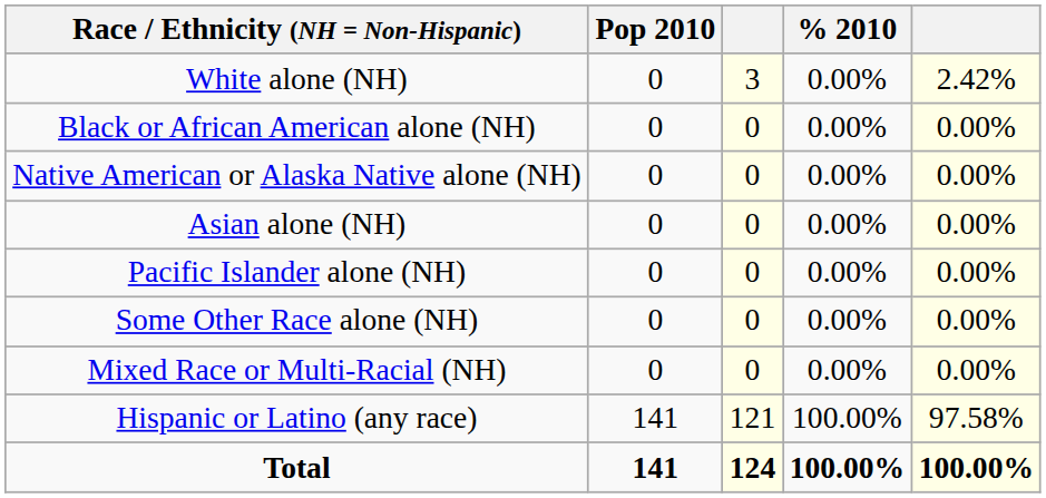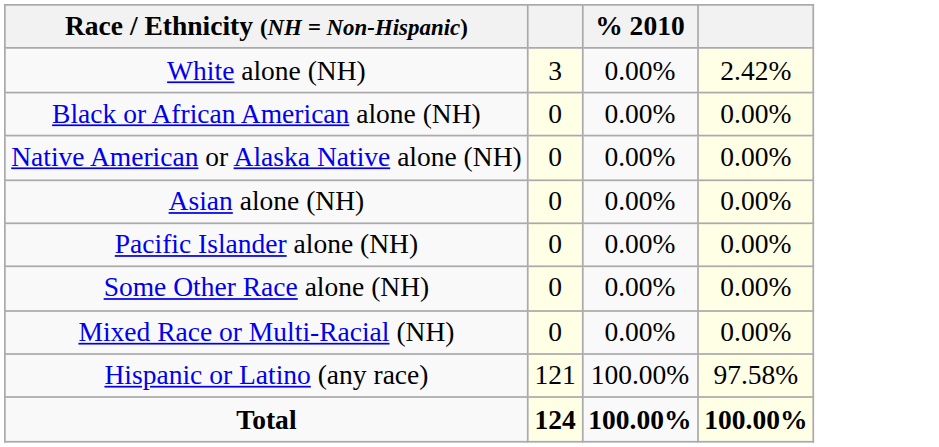 <table class="wikitable" style="text-align:center;">
 <tr>
 <th>Race / Ethnicity <small>(<em>NH = Non-Hispanic</em>)</small></th>
-<th>Pop 2010</th>
 <th></th>
 <th>% 2010</th>
 <th></th>
 </tr>
 <tr>
 <td><a href='#'>White</a> alone (NH)</td>
-<td>0</td>
 <td style='background: #ffffe6;'>3</td>
 <td>0.00%</td>
 <td style='background: #ffffe6;'>2.42%</td>
 </tr>
 <tr>
 <td><a href='#'>Black or African American</a> alone (NH)</td>
-<td>0</td>
 <td style='background: #ffffe6;'>0</td>
 <td>0.00%</td>
 <td style='background: #ffffe6;'>0.00%</td>
 </tr>
 <tr>
 <td><a href='#'>Native American</a> or <a href='#'>Alaska Native</a> alone (NH)</td>
-<td>0</td>
 <td style='background: #ffffe6;'>0</td>
 <td>0.00%</td>
 <td style='background: #ffffe6;'>0.00%</td>
 </tr>
 <tr>
 <td><a href='#'>Asian</a> alone (NH)</td>
-<td>0</td>
 <td style='background: #ffffe6;'>0</td>
 <td>0.00%</td>
 <td style='background: #ffffe6;'>0.00%</td>
 </tr>
 <tr>
 <td><a href='#'>Pacific Islander</a> alone (NH)</td>
-<td>0</td>
 <td style='background: #ffffe6;'>0</td>
 <td>0.00%</td>
 <td style='background: #ffffe6;'>0.00%</td>
 </tr>
 <tr>
 <td><a href='#'>Some Other Race</a> alone (NH)</td>
-<td>0</td>
 <td style='background: #ffffe6;'>0</td>
 <td>0.00%</td>
 <td style='background: #ffffe6;'>0.00%</td>
 </tr>
 <tr>
 <td><a href='#'>Mixed Race or Multi-Racial</a> (NH)</td>
-<td>0</td>
 <td style='background: #ffffe6;'>0</td>
 <td>0.00%</td>
 <td style='background: #ffffe6;'>0.00%</td>
 </tr>
 <tr>
 <td><a href='#'>Hispanic or Latino</a> (any race)</td>
-<td>141</td>
 <td style='background: #ffffe6;'>121</td>
 <td>100.00%</td>
 <td style='background: #ffffe6;'>97.58%</td>
 </tr>
 <tr>
 <td><strong>Total</strong></td>
-<td><strong>141</strong></td>
 <td style='background: #ffffe6;'><strong>124</strong></td>
 <td><strong>100.00%</strong></td>
 <td style='background: #ffffe6;'><strong>100.00%</strong></td>
 </tr>
 </table>
